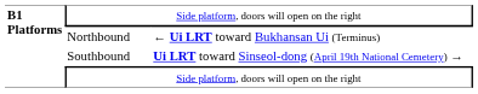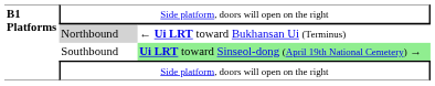 <table table border=0 cellspacing=0 cellpadding=3>
 <tr>
 <td style="border-top:solid 1px gray;border-bottom:solid 1px gray;" width=50 rowspan=10 valign=top><strong>B1<br>Platforms</strong></td>
 <td style="border-top:solid 1px gray;border-right:solid 2px black;border-left:solid 2px black;border-bottom:solid 2px black;text-align:center;" colspan=2><small><a href='#'>Side platform</a>, doors will open on the right</small></td>
 </tr>
 <tr>
-<td style="border-bottom:solid 0px gray;border-top:solid 1px gray;" width=100>Northbound</td>
+<td style="background: lightgrey; border-bottom:solid 0px gray;border-top:solid 1px gray;" width=100>Northbound</td>
 <td style="border-bottom:solid 0px gray;border-top:solid 1px gray;" width=390>← <a href='#'><span><strong>Ui LRT</strong></span></a> toward <a href='#'>Bukhansan Ui</a> <small>(Terminus)</small></td>
 </tr>
 <tr>
 <td>Southbound</td>
-<td> <a href='#'><span><strong>Ui LRT</strong></span></a> toward <a href='#'>Sinseol-dong</a> <small>(<a href='#'>April 19th National Cemetery</a>)</small> →</td>
+<td style="background: lightgreen;"> <a href='#'><span><strong>Ui LRT</strong></span></a> toward <a href='#'>Sinseol-dong</a> <small>(<a href='#'>April 19th National Cemetery</a>)</small> →</td>
 </tr>
 <tr>
 <td style="border-top:solid 2px black;border-right:solid 2px black;border-left:solid 2px black;border-bottom:solid 1px gray;text-align:center;" colspan=2><small><a href='#'>Side platform</a>, doors will open on the right</small></td>
 </tr>
 </table>
